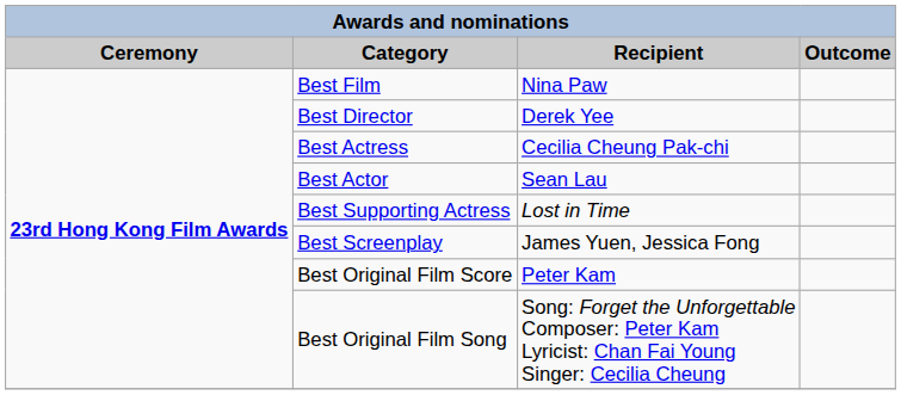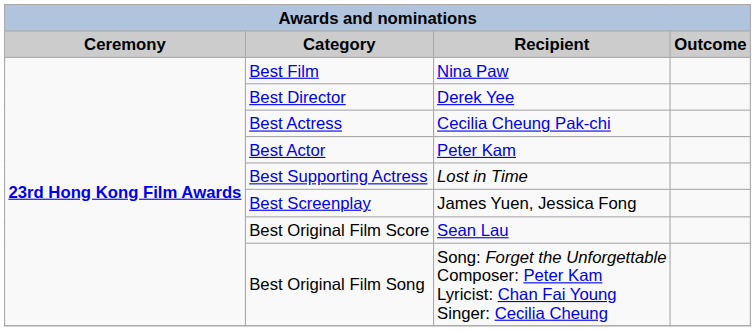 <table class="wikitable" style="font-size:95%;" ;>
 <tr style="background:#ccc; text-align:center;">
 <th colspan="4" style="background: LightSteelBlue;">Awards and nominations</th>
 </tr>
 <tr style="background:#ccc; text-align:center;">
 <th style="background:#ccc">Ceremony</th>
 <th style="background:#ccc">Category</th>
 <th style="background:#ccc">Recipient</th>
 <th style="background:#ccc">Outcome</th>
 </tr>
 <tr>
 <td rowspan=8><strong><a href='#'>23rd Hong Kong Film Awards</a></strong></td>
 <td><a href='#'>Best Film</a></td>
 <td><a href='#'>Nina Paw</a></td>
 <td></td>
 </tr>
 <tr>
 <td><a href='#'>Best Director</a></td>
 <td><a href='#'>Derek Yee</a></td>
 <td></td>
 </tr>
 <tr>
 <td><a href='#'>Best Actress</a></td>
 <td><a href='#'>Cecilia Cheung Pak-chi</a></td>
 <td></td>
 </tr>
 <tr>
 <td><a href='#'>Best Actor</a></td>
-<td><a href='#'>Sean Lau</a></td>
+<td><a href='#'>Peter Kam</a></td>
 <td></td>
 </tr>
 <tr>
 <td><a href='#'>Best Supporting Actress</a></td>
 <td><em>Lost in Time</em></td>
 <td></td>
 </tr>
 <tr>
 <td><a href='#'>Best Screenplay</a></td>
 <td>James Yuen, Jessica Fong</td>
 <td></td>
 </tr>
 <tr>
 <td>Best Original Film Score</td>
-<td><a href='#'>Peter Kam</a></td>
+<td><a href='#'>Sean Lau</a></td>
 <td></td>
 </tr>
 <tr>
 <td>Best Original Film Song</td>
 <td>Song: <em>Forget the Unforgettable</em><br>Composer: <a href='#'>Peter Kam</a> <br>Lyricist: <a href='#'>Chan Fai Young</a> <br>Singer: <a href='#'>Cecilia Cheung</a></td>
 <td></td>
 </tr>
 <tr>
 </tr>
 </table>
